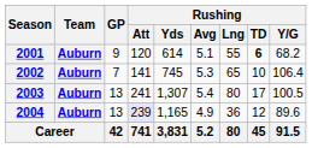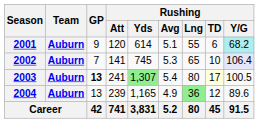 <table class="wikitable" style="text-align:center;">
 <tr>
 <th rowspan="2">Season</th>
 <th rowspan="2">Team</th>
 <th rowspan="2">GP</th>
 <th colspan="6">Rushing</th>
 </tr>
 <tr>
 <th>Att</th>
 <th>Yds</th>
 <th>Avg</th>
 <th>Lng</th>
 <th>TD</th>
 <th>Y/G</th>
 </tr>
 <tr>
 <th><a href='#'>2001</a></th>
 <th><a href='#'>Auburn</a></th>
 <td>9</td>
 <td>120</td>
 <td>614</td>
 <td>5.1</td>
 <td>55</td>
-<td><strong>6</strong></td>
-<td>68.2</td>
+<td>6</td>
+<td style="background: paleturquoise;">68.2</td>
 </tr>
 <tr>
 <th><a href='#'>2002</a></th>
 <th><a href='#'>Auburn</a></th>
 <td>7</td>
 <td>141</td>
 <td>745</td>
 <td>5.3</td>
 <td>65</td>
 <td>10</td>
-<td>106.4</td>
+<td style="background: lavender;">106.4</td>
 </tr>
 <tr>
 <th><a href='#'>2003</a></th>
 <th><a href='#'>Auburn</a></th>
-<td>13</td>
+<td><strong>13</strong></td>
 <td>241</td>
-<td>1,307</td>
+<td style="background: lightgreen;">1,307</td>
 <td>5.4</td>
 <td>80</td>
-<td>17</td>
+<td style="background: lightyellow;">17</td>
 <td>100.5</td>
 </tr>
 <tr>
 <th><a href='#'>2004</a></th>
 <th><a href='#'>Auburn</a></th>
 <td>13</td>
-<td style="background: lavender;">239</td>
+<td>239</td>
 <td>1,165</td>
 <td>4.9</td>
-<td>36</td>
+<td style="background: lightgreen;">36</td>
 <td>12</td>
 <td>89.6</td>
 </tr>
 <tr>
 <th colspan="2">Career</th>
 <th>42</th>
 <th>741</th>
 <th>3,831</th>
 <th>5.2</th>
 <th>80</th>
 <th>45</th>
 <th>91.5</th>
 </tr>
 </table>
